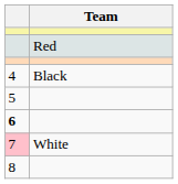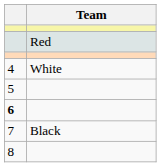 <table class="wikitable">
 <tr>
 <th width=20></th>
 <th width=150>Team</th>
 </tr>
 <tr style="background:#F7F6A8;">
 <td style="text-align:center;"></td>
 <td></td>
 </tr>
 <tr style="background:#DCE5E5;">
 <td style="text-align:center;"></td>
 <td> Red</td>
 </tr>
 <tr style="background:#FFDAB9;">
 <td style="text-align:center;"></td>
 <td></td>
 </tr>
 <tr>
 <td>4</td>
-<td> Black</td>
+<td> White</td>
 </tr>
 <tr>
 <td>5</td>
 <td></td>
 </tr>
 <tr>
 <td><strong>6</strong></td>
 <td></td>
 </tr>
 <tr>
-<td style="background: pink;">7</td>
-<td> White</td>
+<td>7</td>
+<td> Black</td>
 </tr>
 <tr>
 <td>8</td>
 <td></td>
 </tr>
 </table>
